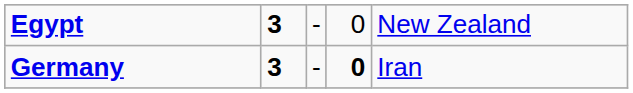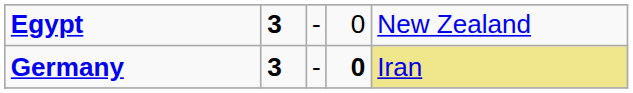 <table class="wikitable">
 <tr>
 <td width=150> <strong><a href='#'>Egypt</a></strong></td>
 <td style="width:20px; text-align:left;"><strong>3</strong></td>
 <td>-</td>
 <td style="width:20px; text-align:right;">0</td>
 <td width=150> <a href='#'>New Zealand</a></td>
 </tr>
 <tr>
 <td> <strong><a href='#'>Germany</a></strong></td>
 <td style="text-align:left;"><strong>3</strong></td>
 <td>-</td>
 <td style="text-align:right;"><strong>0</strong></td>
-<td> <a href='#'>Iran</a></td>
+<td style="background: khaki;"> <a href='#'>Iran</a></td>
 </tr>
 </table>
